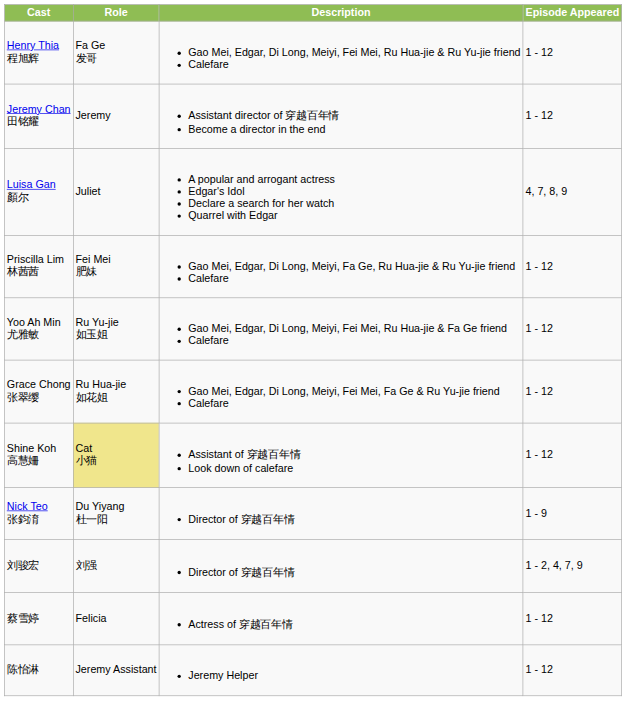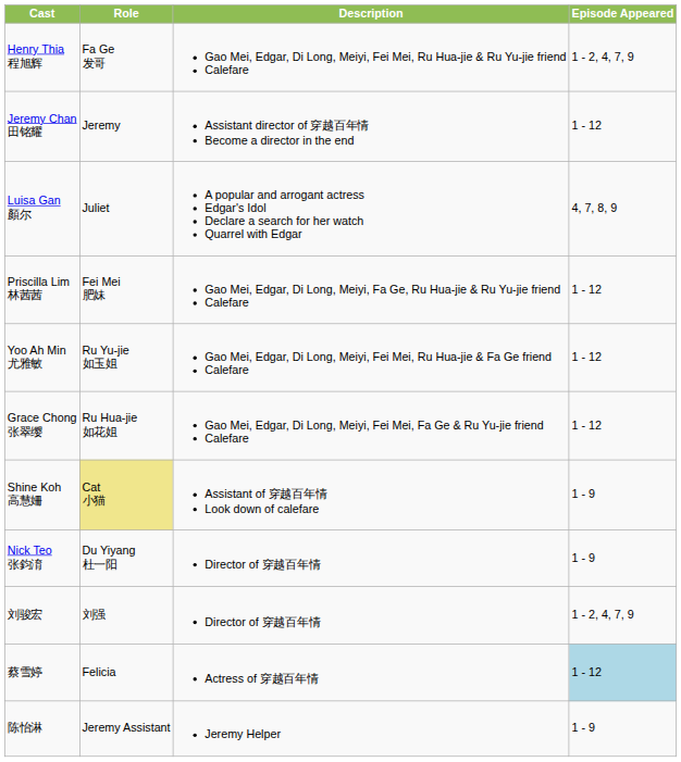 <table class="wikitable">
 <tr>
 <th style="background:#8fbd54; color:white;">Cast</th>
 <th style="background:#8fbd54; color:white;">Role</th>
 <th style="background:#8fbd54; color:white;">Description</th>
 <th style="background:#8fbd54; color:white;">Episode Appeared</th>
 </tr>
 <tr>
 <td><a href='#'>Henry Thia</a> <br> 程旭辉</td>
 <td>Fa Ge <br> 发哥</td>
 <td><br><ul><li>Gao Mei, Edgar, Di Long, Meiyi, Fei Mei, Ru Hua-jie & Ru Yu-jie friend</li><li>Calefare</li></ul></td>
-<td>1 - 12</td>
+<td>1 - 2, 4, 7, 9</td>
 </tr>
 <tr>
 <td><a href='#'>Jeremy Chan</a> <br> 田铭耀</td>
 <td>Jeremy</td>
 <td><br><ul><li>Assistant director of 穿越百年情</li><li>Become a director in the end</li></ul></td>
 <td>1 - 12</td>
 </tr>
 <tr>
 <td><a href='#'>Luisa Gan</a> <br> 顏尔</td>
 <td>Juliet</td>
 <td><br><ul><li>A popular and arrogant actress</li><li>Edgar's Idol</li><li>Declare a search for her watch</li><li>Quarrel with Edgar</li></ul></td>
 <td>4, 7, 8, 9</td>
 </tr>
 <tr>
 <td>Priscilla Lim <br> 林茜茜</td>
 <td>Fei Mei <br>肥妹</td>
 <td><br><ul><li>Gao Mei, Edgar, Di Long, Meiyi, Fa Ge, Ru Hua-jie & Ru Yu-jie friend</li><li>Calefare</li></ul></td>
 <td>1 - 12</td>
 </tr>
 <tr>
 <td>Yoo Ah Min <br> 尤雅敏</td>
 <td>Ru Yu-jie<br> 如玉姐</td>
 <td><br><ul><li>Gao Mei, Edgar, Di Long, Meiyi, Fei Mei, Ru Hua-jie & Fa Ge friend</li><li>Calefare</li></ul></td>
 <td>1 - 12</td>
 </tr>
 <tr>
 <td>Grace Chong <br> 张翠缨</td>
 <td>Ru Hua-jie <br> 如花姐</td>
 <td><br><ul><li>Gao Mei, Edgar, Di Long, Meiyi, Fei Mei, Fa Ge  & Ru Yu-jie friend</li><li>Calefare</li></ul></td>
 <td>1 - 12</td>
 </tr>
 <tr>
 <td>Shine Koh <br> 高慧姍</td>
 <td style="background: khaki;">Cat <br> 小猫</td>
 <td><br><ul><li>Assistant of 穿越百年情</li><li>Look down of calefare</li></ul></td>
-<td>1 - 12</td>
+<td>1 - 9</td>
 </tr>
 <tr>
 <td><a href='#'>Nick Teo</a> <br> 张鈞淯</td>
 <td>Du Yiyang <br> 杜一阳</td>
 <td><br><ul><li>Director of 穿越百年情</li></ul></td>
 <td>1 - 9</td>
 </tr>
 <tr>
 <td>刘骏宏</td>
 <td>刘强</td>
 <td><br><ul><li>Director of 穿越百年情</li></ul></td>
 <td>1 - 2, 4, 7, 9</td>
 </tr>
 <tr>
 <td>蔡雪婷</td>
 <td>Felicia</td>
 <td><br><ul><li>Actress of 穿越百年情</li></ul></td>
-<td>1 - 12</td>
+<td style="background: lightblue;">1 - 12</td>
 </tr>
 <tr>
 <td>陈怡淋</td>
 <td>Jeremy Assistant</td>
 <td><br><ul><li>Jeremy Helper</li></ul></td>
-<td>1 - 12</td>
+<td>1 - 9</td>
 </tr>
 </table>
